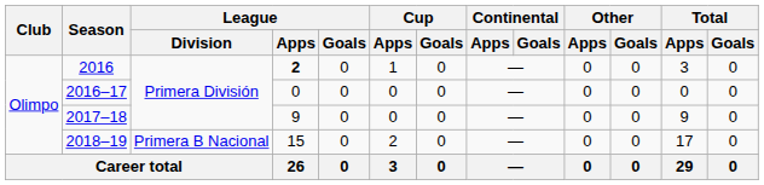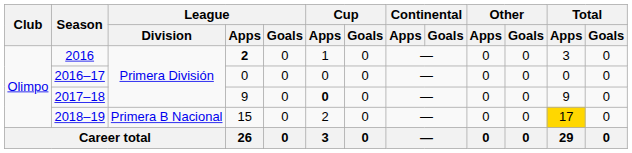 <table class="wikitable" style="text-align:center">
 <tr>
 <th rowspan="2">Club</th>
 <th rowspan="2">Season</th>
 <th colspan="3">League</th>
 <th colspan="2">Cup</th>
 <th colspan="2">Continental</th>
 <th colspan="2">Other</th>
 <th colspan="2">Total</th>
 </tr>
 <tr>
 <th>Division</th>
 <th>Apps</th>
 <th>Goals</th>
 <th>Apps</th>
 <th>Goals</th>
 <th>Apps</th>
 <th>Goals</th>
 <th>Apps</th>
 <th>Goals</th>
 <th>Apps</th>
 <th>Goals</th>
 </tr>
 <tr>
 <td rowspan="4"><a href='#'>Olimpo</a></td>
 <td><a href='#'>2016</a></td>
 <td rowspan="3"><a href='#'>Primera División</a></td>
 <td><strong>2</strong></td>
 <td>0</td>
 <td>1</td>
 <td>0</td>
 <td colspan="2">—</td>
 <td>0</td>
 <td>0</td>
 <td>3</td>
 <td>0</td>
 </tr>
 <tr>
 <td><a href='#'>2016–17</a></td>
 <td>0</td>
 <td>0</td>
 <td>0</td>
 <td>0</td>
 <td colspan="2">—</td>
 <td>0</td>
 <td>0</td>
 <td>0</td>
 <td>0</td>
 </tr>
 <tr>
 <td><a href='#'>2017–18</a></td>
 <td>9</td>
 <td>0</td>
-<td>0</td>
+<td><strong>0</strong></td>
 <td>0</td>
 <td colspan="2">—</td>
 <td>0</td>
 <td>0</td>
 <td>9</td>
 <td>0</td>
 </tr>
 <tr>
 <td><a href='#'>2018–19</a></td>
 <td rowspan="1"><a href='#'>Primera B Nacional</a></td>
 <td>15</td>
 <td>0</td>
 <td>2</td>
 <td>0</td>
 <td colspan="2">—</td>
 <td>0</td>
 <td>0</td>
-<td>17</td>
+<td style="background: gold;">17</td>
 <td>0</td>
 </tr>
 <tr>
 <th colspan="3">Career total</th>
 <th>26</th>
 <th>0</th>
 <th>3</th>
 <th>0</th>
 <th colspan="2">—</th>
 <th>0</th>
 <th>0</th>
 <th>29</th>
 <th>0</th>
 </tr>
 </table>
